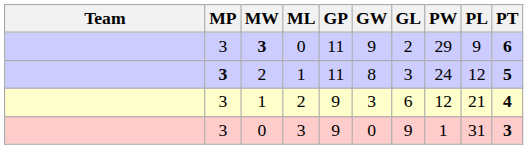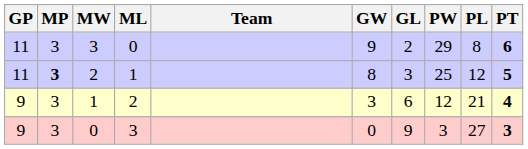 <table class=wikitable style="text-align:center">
 <tr>
-<th width=175>Team</th>
+<th width=20>GP</th>
 <th width=20>MP</th>
 <th width=20>MW</th>
 <th width=20>ML</th>
-<th width=20>GP</th>
+<th width=175>Team</th>
 <th width=20>GW</th>
 <th width=20>GL</th>
 <th width=20>PW</th>
 <th width=20>PL</th>
 <th width=20>PT</th>
 </tr>
 <tr style="background-color:#ccccff;">
+<td>11</td>
+<td>3</td>
+<td>3</td>
+<td>0</td>
 <td style="text-align:left;"></td>
-<td>3</td>
-<td><strong>3</strong></td>
-<td>0</td>
-<td>11</td>
 <td>9</td>
 <td>2</td>
 <td>29</td>
-<td>9</td>
+<td>8</td>
 <td><strong>6</strong></td>
 </tr>
 <tr style="background-color:#ccccff;">
-<td style="text-align:left;"></td>
+<td>11</td>
 <td><strong>3</strong></td>
 <td>2</td>
 <td>1</td>
-<td>11</td>
+<td style="text-align:left;"></td>
 <td>8</td>
 <td>3</td>
-<td>24</td>
+<td>25</td>
 <td>12</td>
 <td><strong>5</strong></td>
 </tr>
 <tr style="background-color:#ffffcc;">
-<td style="text-align:left;"></td>
+<td>9</td>
 <td>3</td>
 <td>1</td>
 <td>2</td>
-<td>9</td>
+<td style="text-align:left;"></td>
 <td>3</td>
 <td>6</td>
 <td>12</td>
 <td>21</td>
 <td><strong>4</strong></td>
 </tr>
 <tr style="background-color:#ffcccc;">
-<td style="text-align:left;"></td>
+<td>9</td>
 <td>3</td>
 <td>0</td>
 <td>3</td>
-<td>9</td>
+<td style="text-align:left;"></td>
 <td>0</td>
 <td>9</td>
-<td>1</td>
-<td>31</td>
+<td>3</td>
+<td>27</td>
 <td><strong>3</strong></td>
 </tr>
 </table>
